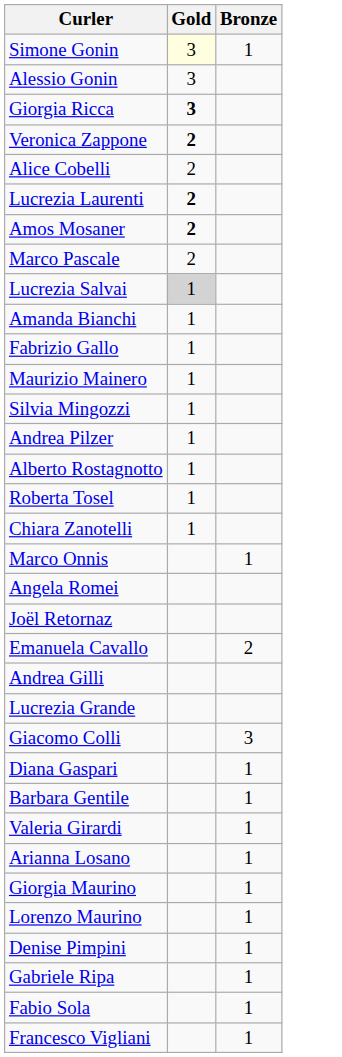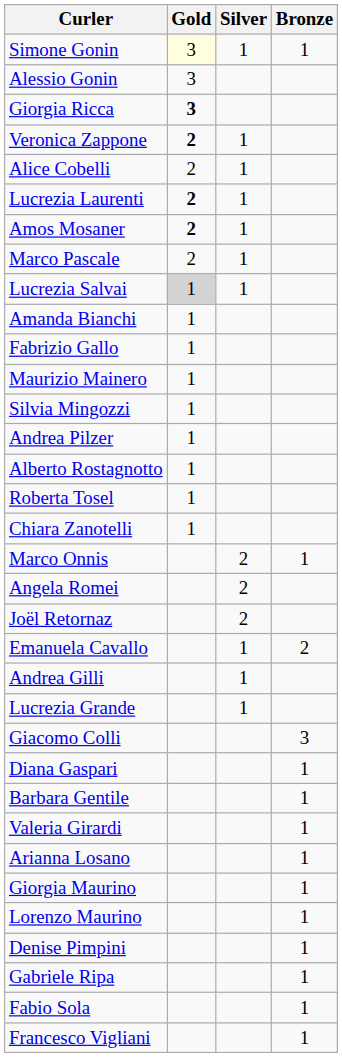 <table class="wikitable" style="text-align:center;">
 <tr>
 <th scope="col">Curler</th>
 <th scope="col">Gold</th>
+<th scope="col">Silver</th>
 <th scope="col">Bronze</th>
 </tr>
 <tr>
 <td align="left"><a href='#'>Simone Gonin</a></td>
 <td style="background: lightyellow;">3</td>
 <td>1</td>
+<td>1</td>
 </tr>
 <tr>
 <td align="left"><a href='#'>Alessio Gonin</a></td>
 <td>3</td>
+<td></td>
 <td></td>
 </tr>
 <tr>
 <td align="left"><a href='#'>Giorgia Ricca</a></td>
 <td><strong>3</strong></td>
 <td></td>
+<td></td>
 </tr>
 <tr>
 <td align="left"><a href='#'>Veronica Zappone</a></td>
 <td><strong>2</strong></td>
+<td>1</td>
 <td></td>
 </tr>
 <tr>
 <td align="left"><a href='#'>Alice Cobelli</a></td>
 <td>2</td>
+<td>1</td>
 <td></td>
 </tr>
 <tr>
 <td align="left"><a href='#'>Lucrezia Laurenti</a></td>
 <td><strong>2</strong></td>
+<td>1</td>
 <td></td>
 </tr>
 <tr>
 <td align="left"><a href='#'>Amos Mosaner</a></td>
 <td><strong>2</strong></td>
+<td>1</td>
 <td></td>
 </tr>
 <tr>
 <td align="left"><a href='#'>Marco Pascale</a></td>
 <td>2</td>
+<td>1</td>
 <td></td>
 </tr>
 <tr>
 <td align="left"><a href='#'>Lucrezia Salvai</a></td>
 <td style="background: lightgrey;">1</td>
+<td>1</td>
 <td></td>
 </tr>
 <tr>
 <td align="left"><a href='#'>Amanda Bianchi</a></td>
 <td>1</td>
 <td></td>
+<td></td>
 </tr>
 <tr>
 <td align="left"><a href='#'>Fabrizio Gallo</a></td>
 <td>1</td>
+<td></td>
 <td></td>
 </tr>
 <tr>
 <td align="left"><a href='#'>Maurizio Mainero</a></td>
 <td>1</td>
 <td></td>
+<td></td>
 </tr>
 <tr>
 <td align="left"><a href='#'>Silvia Mingozzi</a></td>
 <td>1</td>
+<td></td>
 <td></td>
 </tr>
 <tr>
 <td align="left"><a href='#'>Andrea Pilzer</a></td>
 <td>1</td>
 <td></td>
+<td></td>
 </tr>
 <tr>
 <td align="left"><a href='#'>Alberto Rostagnotto</a></td>
 <td>1</td>
+<td></td>
 <td></td>
 </tr>
 <tr>
 <td align="left"><a href='#'>Roberta Tosel</a></td>
 <td>1</td>
 <td></td>
+<td></td>
 </tr>
 <tr>
 <td align="left"><a href='#'>Chiara Zanotelli</a></td>
 <td>1</td>
 <td></td>
+<td></td>
 </tr>
 <tr>
 <td align="left"><a href='#'>Marco Onnis</a></td>
 <td></td>
+<td>2</td>
 <td>1</td>
 </tr>
 <tr>
 <td align="left"><a href='#'>Angela Romei</a></td>
 <td></td>
+<td>2</td>
 <td></td>
 </tr>
 <tr>
 <td align="left"><a href='#'>Joël Retornaz</a></td>
 <td></td>
+<td>2</td>
 <td></td>
 </tr>
 <tr>
 <td align="left"><a href='#'>Emanuela Cavallo</a></td>
 <td></td>
+<td>1</td>
 <td>2</td>
 </tr>
 <tr>
 <td align="left"><a href='#'>Andrea Gilli</a></td>
 <td></td>
+<td>1</td>
 <td></td>
 </tr>
 <tr>
 <td align="left"><a href='#'>Lucrezia Grande</a></td>
 <td></td>
+<td>1</td>
 <td></td>
 </tr>
 <tr>
 <td align="left"><a href='#'>Giacomo Colli</a></td>
+<td></td>
 <td></td>
 <td>3</td>
 </tr>
 <tr>
 <td align="left"><a href='#'>Diana Gaspari</a></td>
 <td></td>
+<td></td>
 <td>1</td>
 </tr>
 <tr>
 <td align="left"><a href='#'>Barbara Gentile</a></td>
+<td></td>
 <td></td>
 <td>1</td>
 </tr>
 <tr>
 <td align="left"><a href='#'>Valeria Girardi</a></td>
 <td></td>
+<td></td>
 <td>1</td>
 </tr>
 <tr>
 <td align="left"><a href='#'>Arianna Losano</a></td>
+<td></td>
 <td></td>
 <td>1</td>
 </tr>
 <tr>
 <td align="left"><a href='#'>Giorgia Maurino</a></td>
 <td></td>
+<td></td>
 <td>1</td>
 </tr>
 <tr>
 <td align="left"><a href='#'>Lorenzo Maurino</a></td>
+<td></td>
 <td></td>
 <td>1</td>
 </tr>
 <tr>
 <td align="left"><a href='#'>Denise Pimpini</a></td>
 <td></td>
+<td></td>
 <td>1</td>
 </tr>
 <tr>
 <td align="left"><a href='#'>Gabriele Ripa</a></td>
+<td></td>
 <td></td>
 <td>1</td>
 </tr>
 <tr>
 <td align="left"><a href='#'>Fabio Sola</a></td>
 <td></td>
+<td></td>
 <td>1</td>
 </tr>
 <tr>
 <td align="left"><a href='#'>Francesco Vigliani</a></td>
 <td></td>
+<td></td>
 <td>1</td>
 </tr>
 </table>
